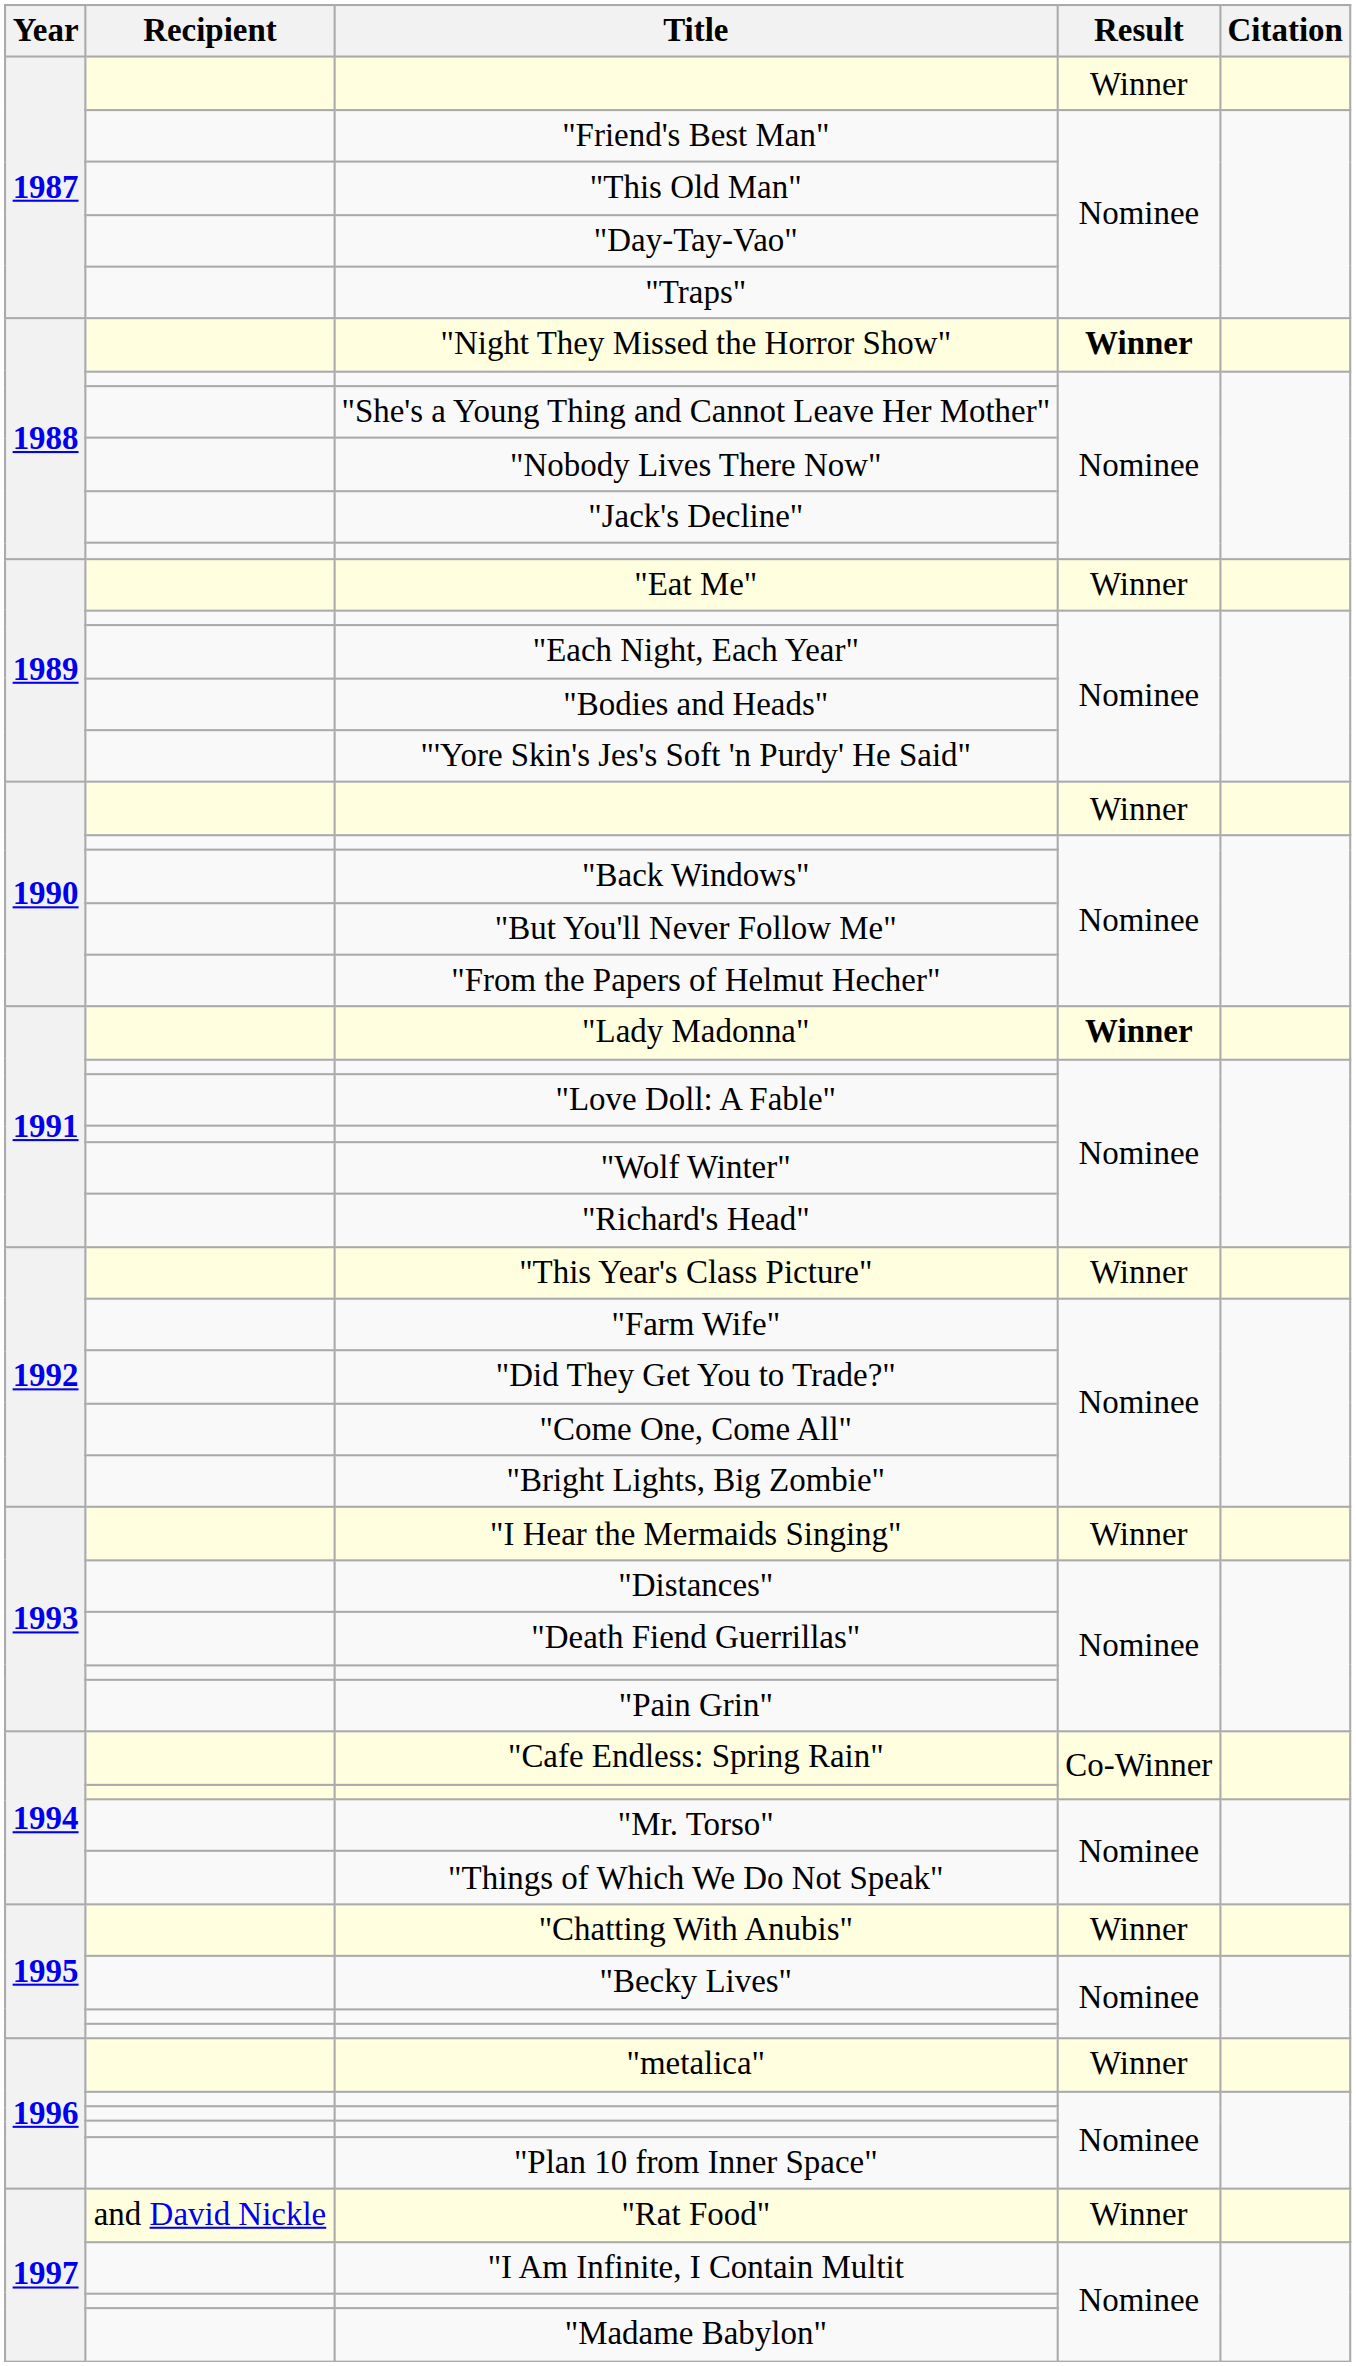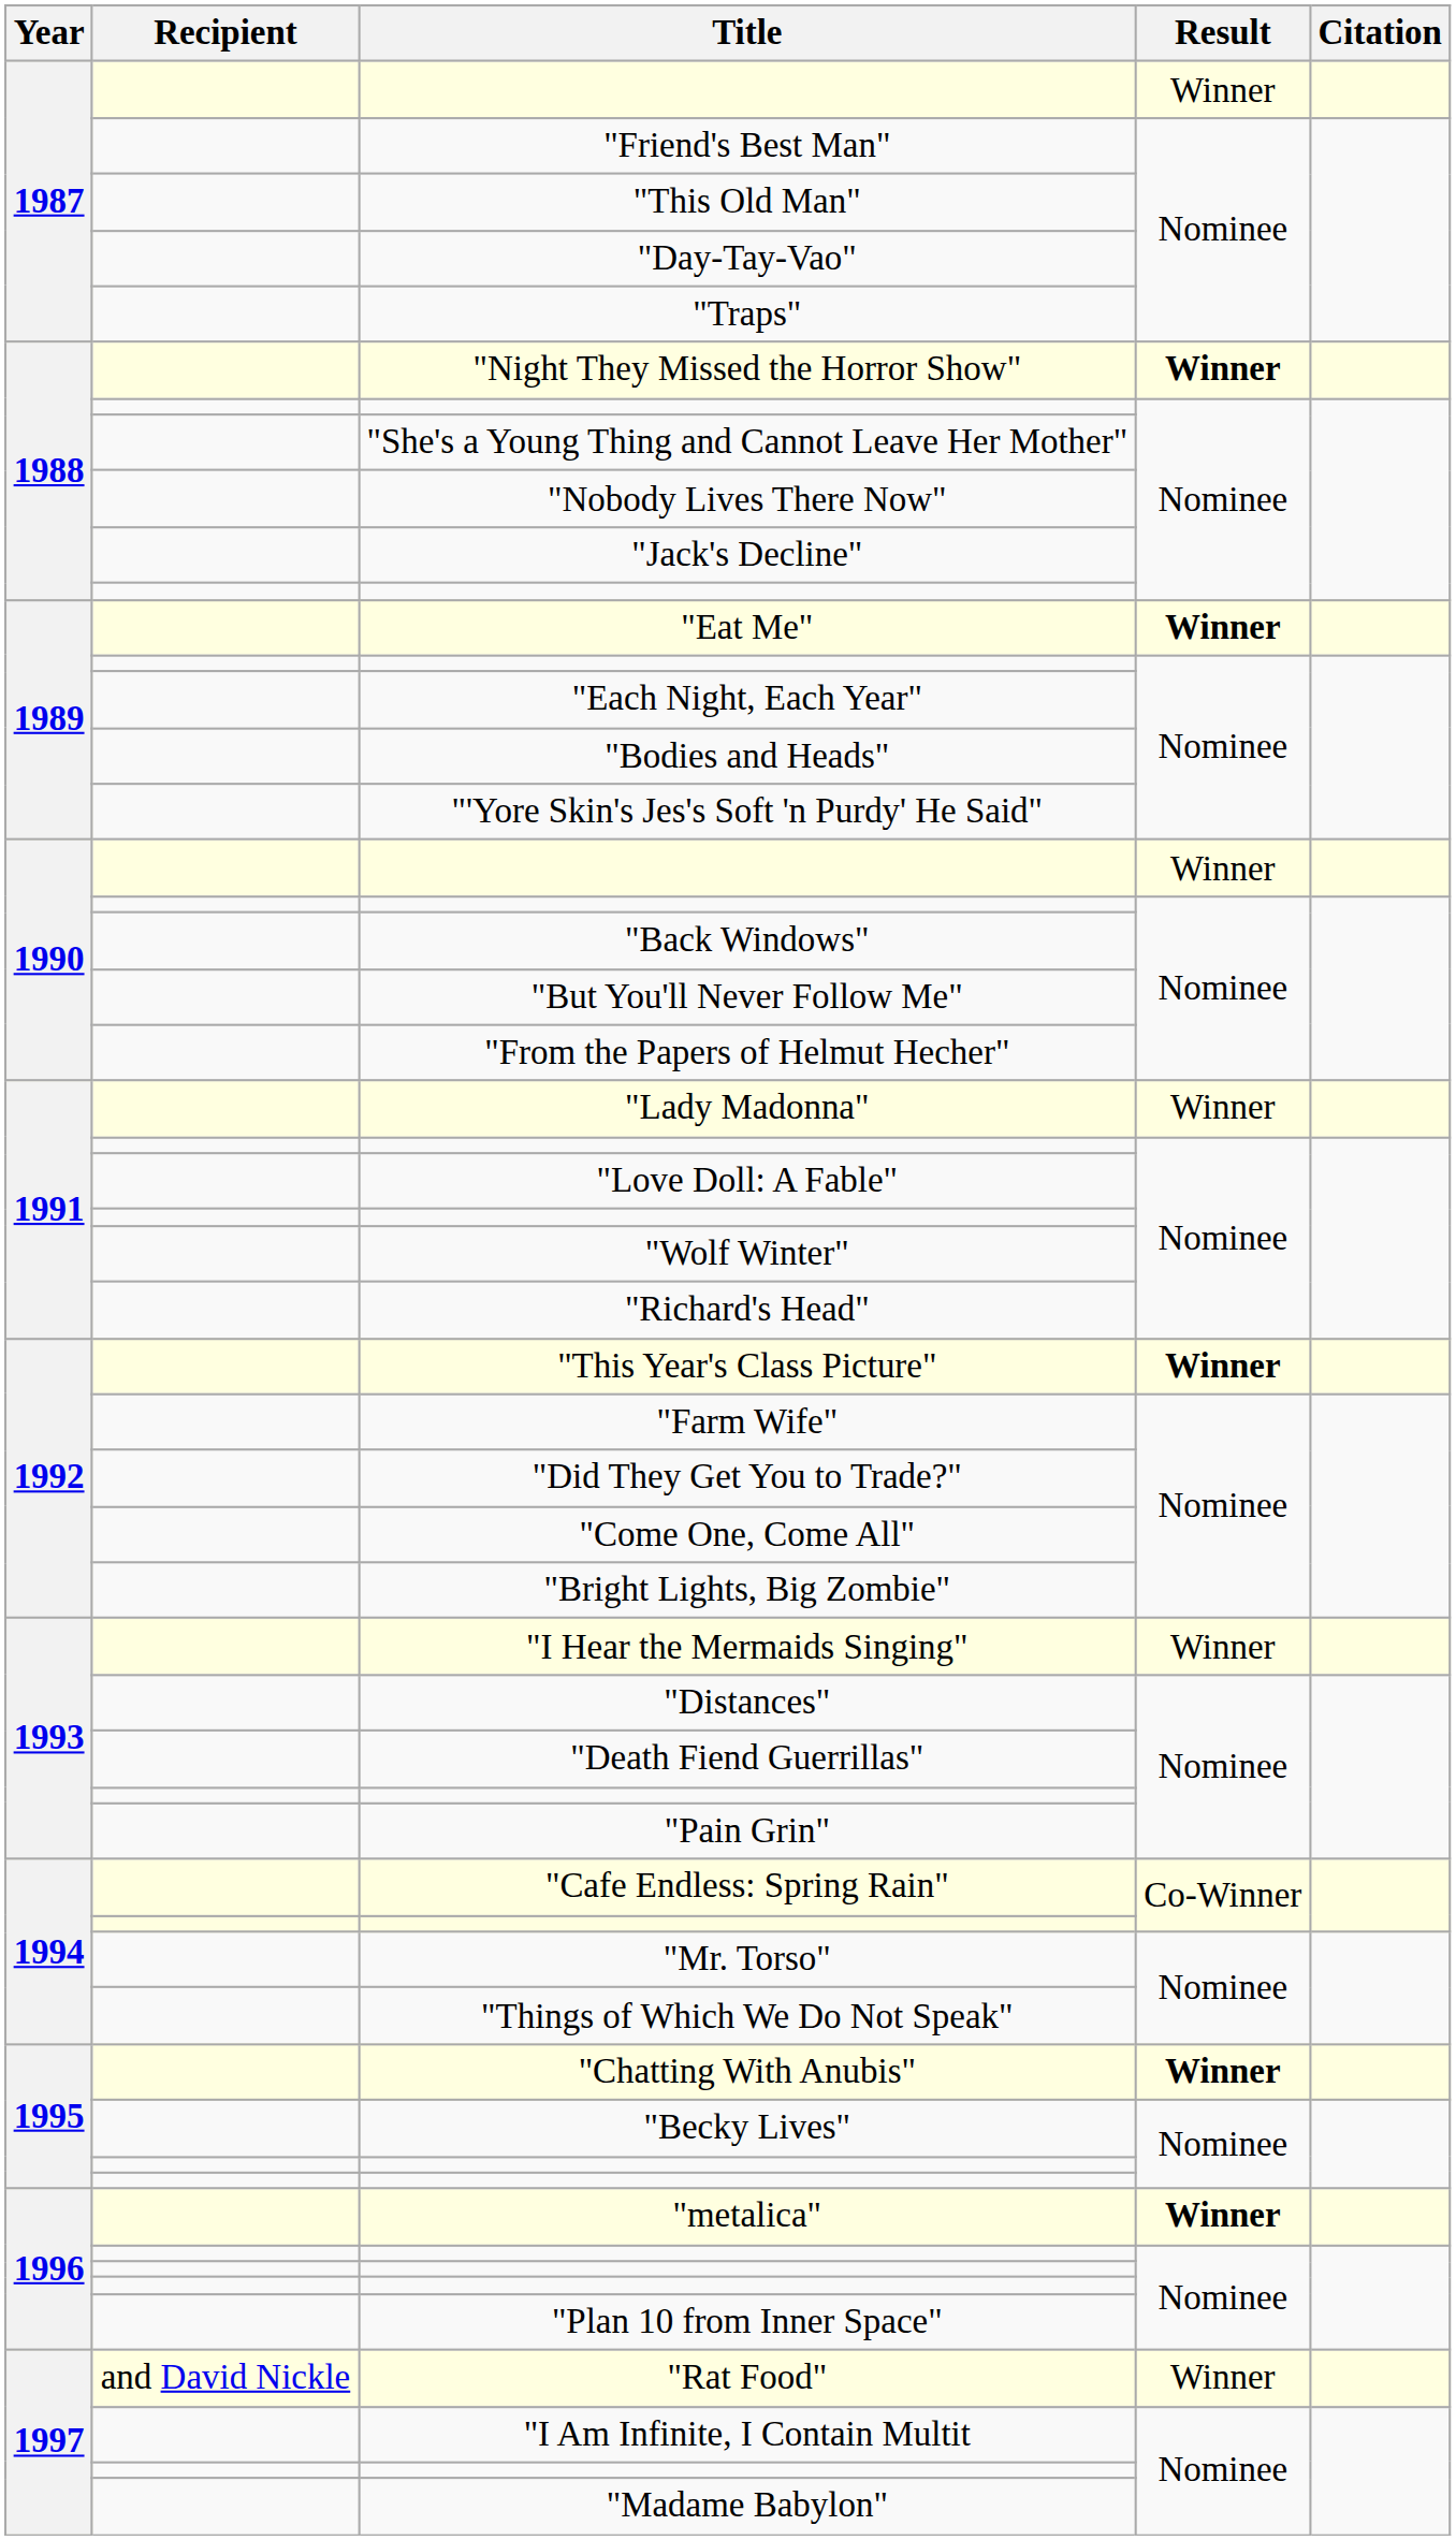 <table class="sortable wikitable" style="text-align: center">
 <tr>
 <th>Year</th>
 <th>Recipient</th>
 <th>Title</th>
 <th>Result</th>
 <th>Citation</th>
 </tr>
 <tr style="background:lightyellow; color:black">
 <th rowspan="5" style="text-align:center"><strong><a href='#'>1987</a></strong></th>
 <td></td>
 <td></td>
 <td>Winner</td>
 <td></td>
 </tr>
 <tr>
 <td></td>
 <td>"Friend's Best Man"</td>
 <td rowspan="4">Nominee</td>
 <td rowspan="4"></td>
 </tr>
 <tr>
 <td></td>
 <td>"This Old Man"</td>
 </tr>
 <tr>
 <td></td>
 <td>"Day-Tay-Vao"</td>
 </tr>
 <tr>
 <td></td>
 <td>"Traps"</td>
 </tr>
 <tr style="background:lightyellow; color:black">
 <th rowspan="6" style="text-align:center"><strong><a href='#'>1988</a></strong></th>
 <td></td>
 <td>"Night They Missed the Horror Show"</td>
 <td><strong>Winner</strong></td>
 <td></td>
 </tr>
 <tr>
 <td></td>
 <td></td>
 <td rowspan="5">Nominee</td>
 <td rowspan="5"></td>
 </tr>
 <tr>
 <td></td>
 <td>"She's a Young Thing and Cannot Leave Her Mother"</td>
 </tr>
 <tr>
 <td></td>
 <td>"Nobody Lives There Now"</td>
 </tr>
 <tr>
 <td></td>
 <td>"Jack's Decline"</td>
 </tr>
 <tr>
 <td></td>
 <td></td>
 </tr>
 <tr style="background:lightyellow; color:black">
 <th rowspan="5" style="text-align:center"><strong><a href='#'>1989</a></strong></th>
 <td></td>
 <td>"Eat Me"</td>
-<td>Winner</td>
+<td><strong>Winner</strong></td>
 <td></td>
 </tr>
 <tr>
 <td></td>
 <td></td>
 <td rowspan="4">Nominee</td>
 <td rowspan="4"></td>
 </tr>
 <tr>
 <td></td>
 <td>"Each Night, Each Year"</td>
 </tr>
 <tr>
 <td></td>
 <td>"Bodies and Heads"</td>
 </tr>
 <tr>
 <td></td>
 <td>"'Yore Skin's Jes's Soft 'n Purdy' He Said"</td>
 </tr>
 <tr style="background:lightyellow; color:black">
 <th rowspan="5" style="text-align:center"><strong><a href='#'>1990</a></strong></th>
 <td></td>
 <td></td>
 <td>Winner</td>
 <td></td>
 </tr>
 <tr>
 <td></td>
 <td></td>
 <td rowspan="4">Nominee</td>
 <td rowspan="4"></td>
 </tr>
 <tr>
 <td></td>
 <td>"Back Windows"</td>
 </tr>
 <tr>
 <td></td>
 <td>"But You'll Never Follow Me"</td>
 </tr>
 <tr>
 <td></td>
 <td>"From the Papers of Helmut Hecher"</td>
 </tr>
 <tr style="background:lightyellow; color:black">
 <th rowspan="6" style="text-align:center"><strong><a href='#'>1991</a></strong></th>
 <td></td>
 <td>"Lady Madonna"</td>
-<td><strong>Winner</strong></td>
+<td>Winner</td>
 <td></td>
 </tr>
 <tr>
 <td></td>
 <td></td>
 <td rowspan="5">Nominee</td>
 <td rowspan="5"></td>
 </tr>
 <tr>
 <td></td>
 <td>"Love Doll: A Fable"</td>
 </tr>
 <tr>
 <td></td>
 <td></td>
 </tr>
 <tr>
 <td></td>
 <td>"Wolf Winter"</td>
 </tr>
 <tr>
 <td></td>
 <td>"Richard's Head"</td>
 </tr>
 <tr style="background:lightyellow; color:black">
 <th rowspan="5" style="text-align:center"><strong><a href='#'>1992</a></strong></th>
 <td></td>
 <td>"This Year's Class Picture"</td>
-<td>Winner</td>
+<td><strong>Winner</strong></td>
 <td></td>
 </tr>
 <tr>
 <td></td>
 <td>"Farm Wife"</td>
 <td rowspan="4">Nominee</td>
 <td rowspan="4"></td>
 </tr>
 <tr>
 <td></td>
 <td>"Did They Get You to Trade?"</td>
 </tr>
 <tr>
 <td></td>
 <td>"Come One, Come All"</td>
 </tr>
 <tr>
 <td></td>
 <td>"Bright Lights, Big Zombie"</td>
 </tr>
 <tr style="background:lightyellow; color:black">
 <th rowspan="5" style="text-align:center"><strong><a href='#'>1993</a></strong></th>
 <td></td>
 <td>"I Hear the Mermaids Singing"</td>
 <td>Winner</td>
 <td></td>
 </tr>
 <tr>
 <td></td>
 <td>"Distances"</td>
 <td rowspan="4">Nominee</td>
 <td rowspan="4"></td>
 </tr>
 <tr>
 <td></td>
 <td>"Death Fiend Guerrillas"</td>
 </tr>
 <tr>
 <td></td>
 <td></td>
 </tr>
 <tr>
 <td></td>
 <td>"Pain Grin"</td>
 </tr>
 <tr style="background:lightyellow; color:black">
 <th rowspan="4" style="text-align:center"><strong><a href='#'>1994</a></strong></th>
 <td></td>
 <td>"Cafe Endless: Spring Rain"</td>
 <td rowspan="2">Co-Winner</td>
 <td rowspan="2"></td>
 </tr>
 <tr style="background:lightyellow; color:black">
 <td></td>
 <td></td>
 </tr>
 <tr>
 <td></td>
 <td>"Mr. Torso"</td>
 <td rowspan="2">Nominee</td>
 <td rowspan="2"></td>
 </tr>
 <tr>
 <td></td>
 <td>"Things of Which We Do Not Speak"</td>
 </tr>
 <tr style="background:lightyellow; color:black">
 <th rowspan="4" style="text-align:center"><strong><a href='#'>1995</a></strong></th>
 <td></td>
 <td>"Chatting With Anubis"</td>
-<td>Winner</td>
+<td><strong>Winner</strong></td>
 <td></td>
 </tr>
 <tr>
 <td></td>
 <td>"Becky Lives"</td>
 <td rowspan="3">Nominee</td>
 <td rowspan="3"></td>
 </tr>
 <tr>
 <td></td>
 <td></td>
 </tr>
 <tr>
 <td></td>
 <td></td>
 </tr>
 <tr style="background:lightyellow; color:black">
 <th rowspan="5" style="text-align:center"><strong><a href='#'>1996</a></strong></th>
 <td></td>
 <td>"metalica"</td>
-<td>Winner</td>
+<td><strong>Winner</strong></td>
 <td></td>
 </tr>
 <tr>
 <td></td>
 <td></td>
 <td rowspan="4">Nominee</td>
 <td rowspan="4"></td>
 </tr>
 <tr>
 <td></td>
 <td></td>
 </tr>
 <tr>
 <td></td>
 <td></td>
 </tr>
 <tr>
 <td></td>
 <td>"Plan 10 from Inner Space"</td>
 </tr>
 <tr style="background:lightyellow; color:black">
 <th rowspan="4" style="text-align:center"><strong><a href='#'>1997</a></strong></th>
 <td>  and <a href='#'>David Nickle</a></td>
 <td>"Rat Food"</td>
 <td>Winner</td>
 <td></td>
 </tr>
 <tr>
 <td></td>
 <td>"I Am Infinite, I Contain Multit</td>
 <td rowspan="3">Nominee</td>
 <td rowspan="3"></td>
 </tr>
 <tr>
 <td></td>
 <td></td>
 </tr>
 <tr>
 <td></td>
 <td>"Madame Babylon"</td>
 </tr>
 </table>
